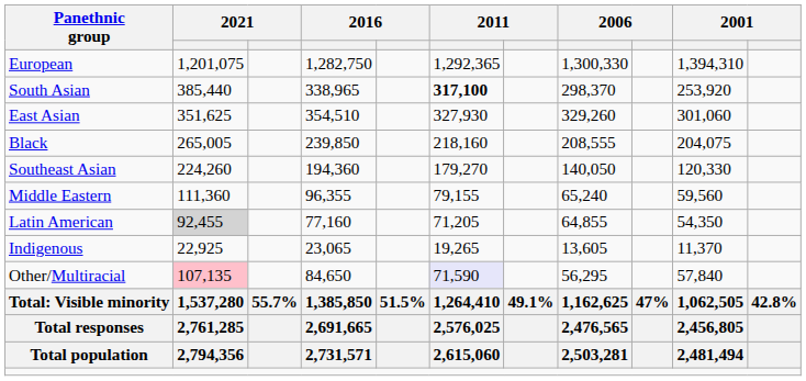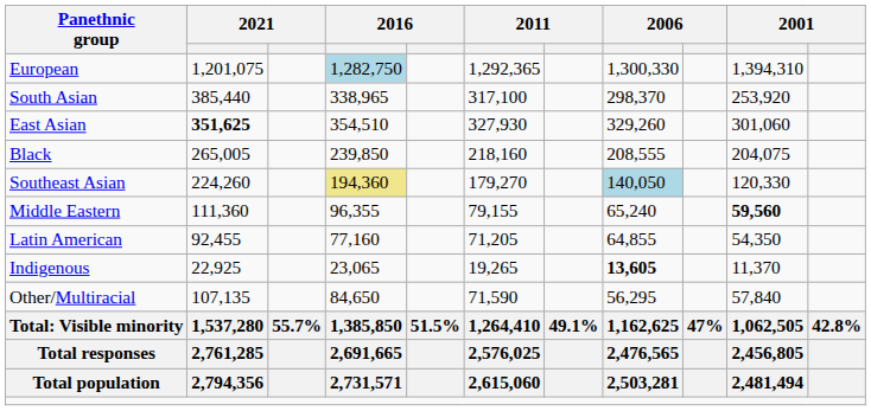 <table class="wikitable collapsible sortable">
 <tr>
 <th rowspan="2"><a href='#'>Panethnic</a><br>group</th>
 <th colspan="2">2021</th>
 <th colspan="2">2016</th>
 <th colspan="2">2011</th>
 <th colspan="2">2006</th>
 <th colspan="2">2001</th>
 </tr>
 <tr>
 <th><a href='#'></a></th>
 <th></th>
 <th></th>
 <th></th>
 <th></th>
 <th></th>
 <th></th>
 <th></th>
 <th></th>
 <th></th>
 </tr>
 <tr>
 <td><a href='#'>European</a></td>
 <td>1,201,075</td>
 <td></td>
-<td>1,282,750</td>
+<td style="background: lightblue;">1,282,750</td>
 <td></td>
 <td>1,292,365</td>
 <td></td>
 <td>1,300,330</td>
 <td></td>
 <td>1,394,310</td>
 <td></td>
 </tr>
 <tr>
 <td><a href='#'>South Asian</a></td>
 <td>385,440</td>
 <td></td>
 <td>338,965</td>
 <td></td>
-<td><strong>317,100</strong></td>
+<td>317,100</td>
 <td></td>
 <td>298,370</td>
 <td></td>
 <td>253,920</td>
 <td></td>
 </tr>
 <tr>
 <td><a href='#'>East Asian</a></td>
-<td>351,625</td>
+<td><strong>351,625</strong></td>
 <td></td>
 <td>354,510</td>
 <td></td>
 <td>327,930</td>
 <td></td>
 <td>329,260</td>
 <td></td>
 <td>301,060</td>
 <td></td>
 </tr>
 <tr>
 <td><a href='#'>Black</a></td>
 <td>265,005</td>
 <td></td>
 <td>239,850</td>
 <td></td>
 <td>218,160</td>
 <td></td>
 <td>208,555</td>
 <td></td>
 <td>204,075</td>
 <td></td>
 </tr>
 <tr>
 <td><a href='#'>Southeast Asian</a></td>
 <td>224,260</td>
 <td></td>
-<td>194,360</td>
+<td style="background: khaki;">194,360</td>
 <td></td>
 <td>179,270</td>
 <td></td>
-<td>140,050</td>
+<td style="background: lightblue;">140,050</td>
 <td></td>
 <td>120,330</td>
 <td></td>
 </tr>
 <tr>
 <td><a href='#'>Middle Eastern</a></td>
 <td>111,360</td>
 <td></td>
 <td>96,355</td>
 <td></td>
 <td>79,155</td>
 <td></td>
 <td>65,240</td>
 <td></td>
-<td>59,560</td>
+<td><strong>59,560</strong></td>
 <td></td>
 </tr>
 <tr>
 <td><a href='#'>Latin American</a></td>
-<td style="background: lightgrey;">92,455</td>
+<td>92,455</td>
 <td></td>
 <td>77,160</td>
 <td></td>
 <td>71,205</td>
 <td></td>
 <td>64,855</td>
 <td></td>
 <td>54,350</td>
 <td></td>
 </tr>
 <tr>
 <td><a href='#'>Indigenous</a></td>
 <td>22,925</td>
 <td></td>
 <td>23,065</td>
 <td></td>
 <td>19,265</td>
 <td></td>
-<td>13,605</td>
+<td><strong>13,605</strong></td>
 <td></td>
 <td>11,370</td>
 <td></td>
 </tr>
 <tr>
 <td>Other/<a href='#'>Multiracial</a></td>
-<td style="background: pink;">107,135</td>
+<td>107,135</td>
 <td></td>
 <td>84,650</td>
 <td></td>
-<td style="background: lavender;">71,590</td>
+<td>71,590</td>
 <td></td>
 <td>56,295</td>
 <td></td>
 <td>57,840</td>
 <td></td>
 </tr>
 <tr>
 <th>Total: Visible minority</th>
 <th>1,537,280</th>
 <th>55.7%</th>
 <th>1,385,850</th>
 <th>51.5%</th>
 <th>1,264,410</th>
 <th>49.1%</th>
 <th>1,162,625</th>
 <th>47%</th>
 <th>1,062,505</th>
 <th>42.8%</th>
 </tr>
 <tr>
 <th>Total responses</th>
 <th>2,761,285</th>
 <th></th>
 <th>2,691,665</th>
 <th></th>
 <th>2,576,025</th>
 <th></th>
 <th>2,476,565</th>
 <th></th>
 <th>2,456,805</th>
 <th></th>
 </tr>
 <tr>
 <th>Total population</th>
 <th>2,794,356</th>
 <th></th>
 <th>2,731,571</th>
 <th></th>
 <th>2,615,060</th>
 <th></th>
 <th>2,503,281</th>
 <th></th>
 <th>2,481,494</th>
 <th></th>
 </tr>
 <tr class="sortbottom">
 <td colspan="15"></td>
 </tr>
 </table>
